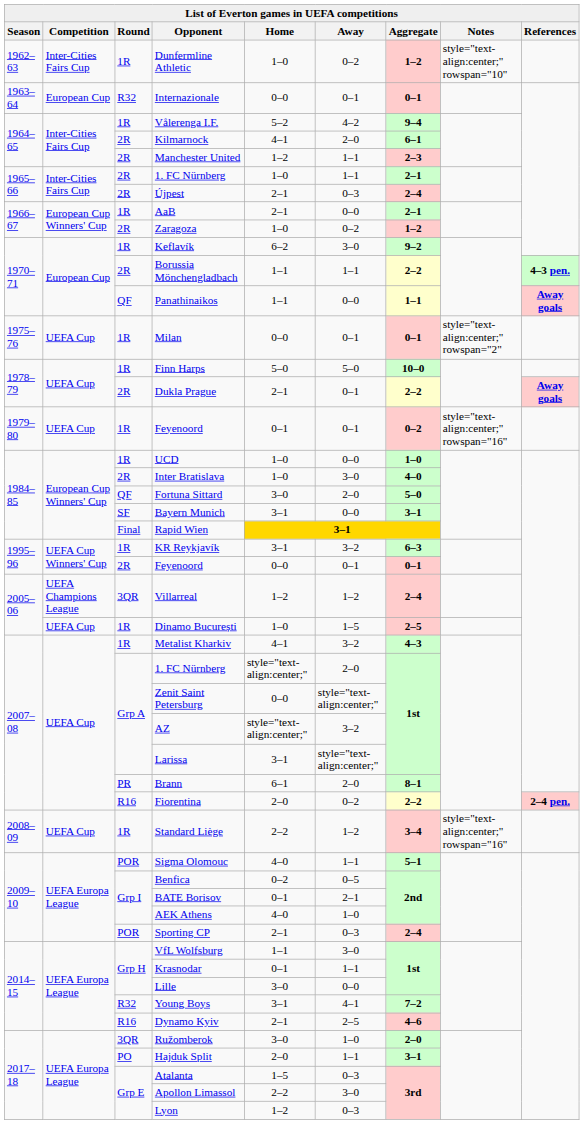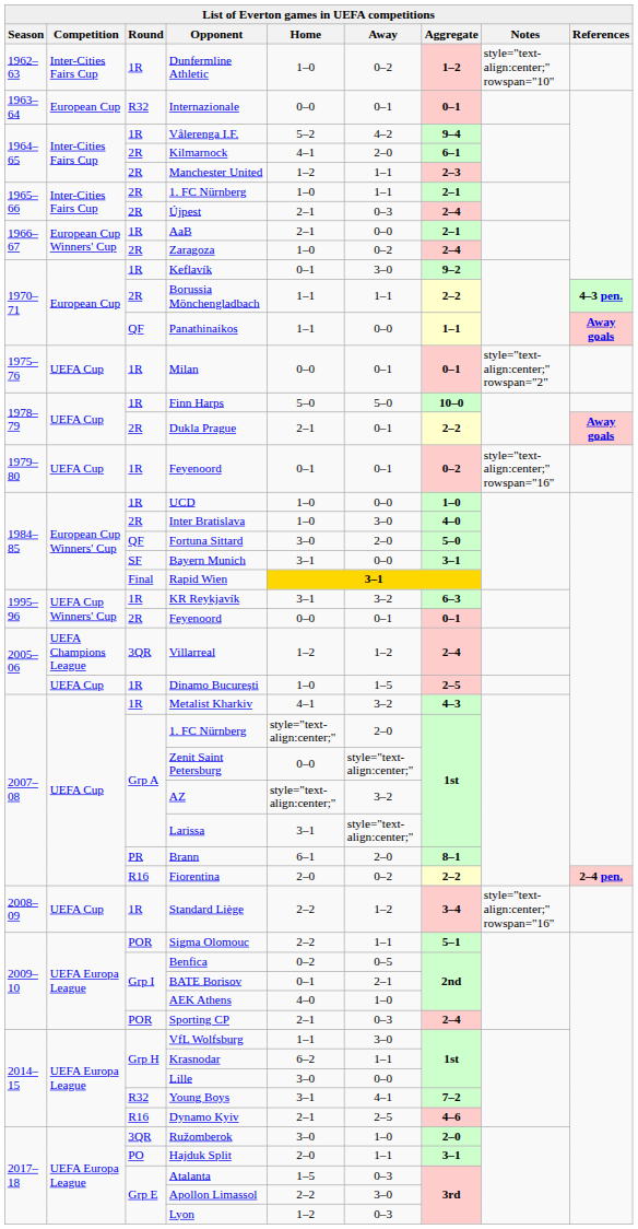 <table class="sortable plainrowheaders wikitable" width="65%" style="text-align: left;">
 <tr>
 <th style="background:#EFEFEF;" colspan=17>List of Everton games in UEFA competitions</th>
 </tr>
 <tr>
 <th>Season</th>
 <th>Competition</th>
 <th>Round</th>
 <th>Opponent</th>
 <th>Home</th>
 <th>Away</th>
 <th>Aggregate</th>
 <th class="unsortable">Notes</th>
 <th class="unsortable">References</th>
 </tr>
 <tr>
 <td><a href='#'>1962–63</a></td>
 <td><a href='#'>Inter-Cities Fairs Cup</a></td>
 <td><a href='#'>1R</a></td>
 <td> <a href='#'>Dunfermline Athletic</a></td>
 <td style="text-align:center;">1–0</td>
 <td style="text-align:center;">0–2</td>
 <td style="text-align:center; background:#ffcccc;"><strong>1–2</strong></td>
 <td>style="text-align:center;" rowspan="10" </td>
 <td style="text-align:center;"></td>
 </tr>
 <tr>
 <td><a href='#'>1963–64</a></td>
 <td><a href='#'>European Cup</a></td>
 <td><a href='#'>R32</a></td>
 <td> <a href='#'>Internazionale</a></td>
 <td style="text-align:center;">0–0</td>
 <td style="text-align:center;">0–1</td>
 <td style="text-align:center; background:#ffcccc;"><strong>0–1</strong></td>
 <td style="text-align:center;"></td>
 </tr>
 <tr>
 <td rowspan="3"><a href='#'>1964–65</a></td>
 <td rowspan="3"><a href='#'>Inter-Cities Fairs Cup</a></td>
 <td><a href='#'>1R</a></td>
 <td> <a href='#'>Vålerenga I.F.</a></td>
 <td style="text-align:center;">5–2</td>
 <td style="text-align:center;">4–2</td>
 <td style="text-align:center;background:#ccffcc;"><strong>9–4</strong></td>
 <td rowspan="3" style="text-align:center;"></td>
 </tr>
 <tr>
 <td><a href='#'>2R</a></td>
 <td> <a href='#'>Kilmarnock</a></td>
 <td style="text-align:center;">4–1</td>
 <td style="text-align:center;">2–0</td>
 <td style="text-align:center;background:#ccffcc;"><strong>6–1</strong></td>
 </tr>
 <tr>
 <td><a href='#'>2R</a></td>
 <td> <a href='#'>Manchester United</a></td>
 <td style="text-align:center;">1–2</td>
 <td style="text-align:center;">1–1</td>
 <td style="text-align:center; background:#ffcccc;"><strong>2–3</strong></td>
 </tr>
 <tr>
 <td rowspan="2"><a href='#'>1965–66</a></td>
 <td rowspan="2"><a href='#'>Inter-Cities Fairs Cup</a></td>
 <td><a href='#'>2R</a></td>
 <td> <a href='#'>1. FC Nürnberg</a></td>
 <td style="text-align:center;">1–0</td>
 <td style="text-align:center;">1–1</td>
 <td style="text-align:center;background:#ccffcc;"><strong>2–1</strong></td>
 <td rowspan="2" style="text-align:center;"></td>
 </tr>
 <tr>
 <td><a href='#'>2R</a></td>
 <td> <a href='#'>Újpest</a></td>
 <td style="text-align:center;">2–1</td>
 <td style="text-align:center;">0–3</td>
 <td style="text-align:center; background:#ffcccc;"><strong>2–4</strong></td>
 </tr>
 <tr>
 <td rowspan="2"><a href='#'>1966–67</a></td>
 <td rowspan="2"><a href='#'>European Cup Winners' Cup</a></td>
 <td><a href='#'>1R</a></td>
 <td> <a href='#'>AaB</a></td>
 <td style="text-align:center;">2–1</td>
 <td style="text-align:center;">0–0</td>
 <td style="text-align:center;background:#ccffcc;"><strong>2–1</strong></td>
 <td rowspan="2" style="text-align:center;"></td>
 </tr>
 <tr>
 <td><a href='#'>2R</a></td>
 <td> <a href='#'>Zaragoza</a></td>
 <td style="text-align:center;">1–0</td>
 <td style="text-align:center;">0–2</td>
-<td style="text-align:center; background:#ffcccc;"><strong>1–2</strong></td>
+<td style="text-align:center; background:#ffcccc;"><strong>2–4</strong></td>
 </tr>
 <tr>
 <td rowspan="3"><a href='#'>1970–71</a></td>
 <td rowspan="3"><a href='#'>European Cup</a></td>
 <td><a href='#'>1R</a></td>
 <td> <a href='#'>Keflavík</a></td>
-<td style="text-align:center;">6–2</td>
+<td style="text-align:center;">0–1</td>
 <td style="text-align:center;">3–0</td>
 <td style="text-align:center;background:#ccffcc;"><strong>9–2</strong></td>
 <td rowspan="3" style="text-align:center;"></td>
 </tr>
 <tr>
 <td><a href='#'>2R</a></td>
 <td> <a href='#'>Borussia Mönchengladbach</a></td>
 <td style="text-align:center;">1–1</td>
 <td style="text-align:center;">1–1</td>
 <td style="text-align:center;background:#ffffcc;"><strong>2–2</strong></td>
 <td style="text-align:center;background:#ccffcc;"><strong>4–3 <a href='#'>pen.</a></strong></td>
 </tr>
 <tr>
 <td><a href='#'>QF</a></td>
 <td> <a href='#'>Panathinaikos</a></td>
 <td style="text-align:center;">1–1</td>
 <td style="text-align:center;">0–0</td>
 <td style="text-align:center;background:#ffffcc;"><strong>1–1</strong></td>
 <td style="text-align:center; background:#ffcccc;"><strong><a href='#'>Away goals</a></strong></td>
 </tr>
 <tr>
 <td><a href='#'>1975–76</a></td>
 <td><a href='#'>UEFA Cup</a></td>
 <td><a href='#'>1R</a></td>
 <td> <a href='#'>Milan</a></td>
 <td style="text-align:center;">0–0</td>
 <td style="text-align:center;">0–1</td>
 <td style="text-align:center; background:#ffcccc;"><strong>0–1</strong></td>
 <td>style="text-align:center;" rowspan="2" </td>
 <td style="text-align:center;"></td>
 </tr>
 <tr>
 <td rowspan="2"><a href='#'>1978–79</a></td>
 <td rowspan="2"><a href='#'>UEFA Cup</a></td>
 <td><a href='#'>1R</a></td>
 <td> <a href='#'>Finn Harps</a></td>
 <td style="text-align:center;">5–0</td>
 <td style="text-align:center;">5–0</td>
 <td style="text-align:center;background:#ccffcc;"><strong>10–0</strong></td>
 <td rowspan="2" style="text-align:center;"></td>
 </tr>
 <tr>
 <td><a href='#'>2R</a></td>
 <td> <a href='#'>Dukla Prague</a></td>
 <td style="text-align:center;">2–1</td>
 <td style="text-align:center;">0–1</td>
 <td style="text-align:center;background:#ffffcc;"><strong>2–2</strong></td>
 <td style="text-align:center; background:#ffcccc;"><strong><a href='#'>Away goals</a></strong></td>
 </tr>
 <tr>
 <td><a href='#'>1979–80</a></td>
 <td><a href='#'>UEFA Cup</a></td>
 <td><a href='#'>1R</a></td>
 <td> <a href='#'>Feyenoord</a></td>
 <td style="text-align:center;">0–1</td>
 <td style="text-align:center;">0–1</td>
 <td style="text-align:center; background:#ffcccc;"><strong>0–2</strong></td>
 <td>style="text-align:center;" rowspan="16" </td>
 <td style="text-align:center;"></td>
 </tr>
 <tr>
 <td rowspan="5"><a href='#'>1984–85</a></td>
 <td rowspan="5"><a href='#'>European Cup Winners' Cup</a></td>
 <td><a href='#'>1R</a></td>
 <td> <a href='#'>UCD</a></td>
 <td style="text-align:center;">1–0</td>
 <td style="text-align:center;">0–0</td>
 <td style="text-align:center;background:#ccffcc;"><strong>1–0</strong></td>
 <td rowspan="5" style="text-align:center;"></td>
 </tr>
 <tr>
 <td><a href='#'>2R</a></td>
 <td> <a href='#'>Inter Bratislava</a></td>
 <td style="text-align:center;">1–0</td>
 <td style="text-align:center;">3–0</td>
 <td style="text-align:center;background:#ccffcc;"><strong>4–0</strong></td>
 </tr>
 <tr>
 <td><a href='#'>QF</a></td>
 <td> <a href='#'>Fortuna Sittard</a></td>
 <td style="text-align:center;">3–0</td>
 <td style="text-align:center;">2–0</td>
 <td style="text-align:center;background:#ccffcc;"><strong>5–0</strong></td>
 </tr>
 <tr>
 <td><a href='#'>SF</a></td>
 <td> <a href='#'>Bayern Munich</a></td>
 <td style="text-align:center;">3–1</td>
 <td style="text-align:center;">0–0</td>
 <td style="text-align:center;background:#ccffcc;"><strong>3–1</strong></td>
 </tr>
 <tr>
 <td><a href='#'>Final</a></td>
 <td> <a href='#'>Rapid Wien</a></td>
 <td style="text-align:center;background:gold;" colspan=3><strong>3–1</strong></td>
 </tr>
 <tr>
 <td rowspan="2"><a href='#'>1995–96</a></td>
 <td rowspan="2"><a href='#'>UEFA Cup Winners' Cup</a></td>
 <td><a href='#'>1R</a></td>
 <td> <a href='#'>KR Reykjavík</a></td>
 <td style="text-align:center;">3–1</td>
 <td style="text-align:center;">3–2</td>
 <td style="text-align:center;background:#ccffcc;"><strong>6–3</strong></td>
 <td rowspan="2" style="text-align:center;"></td>
 </tr>
 <tr>
 <td><a href='#'>2R</a></td>
 <td> <a href='#'>Feyenoord</a></td>
 <td style="text-align:center;">0–0</td>
 <td style="text-align:center;">0–1</td>
 <td style="text-align:center; background:#ffcccc;"><strong>0–1</strong></td>
 </tr>
 <tr>
 <td rowspan="2"><a href='#'>2005–06</a></td>
 <td><a href='#'>UEFA Champions League</a></td>
 <td><a href='#'>3QR</a></td>
 <td> <a href='#'>Villarreal</a></td>
 <td style="text-align:center;">1–2</td>
 <td style="text-align:center;">1–2</td>
 <td style="text-align:center; background:#ffcccc;"><strong>2–4</strong></td>
 <td style="text-align:center;"></td>
 </tr>
 <tr>
 <td><a href='#'>UEFA Cup</a></td>
 <td><a href='#'>1R</a></td>
 <td> <a href='#'>Dinamo București</a></td>
 <td style="text-align:center;">1–0</td>
 <td style="text-align:center;">1–5</td>
 <td style="text-align:center; background:#ffcccc;"><strong>2–5</strong></td>
 <td style="text-align:center;"></td>
 </tr>
 <tr>
 <td rowspan="7"><a href='#'>2007–08</a></td>
 <td rowspan="7"><a href='#'>UEFA Cup</a></td>
 <td><a href='#'>1R</a></td>
 <td> <a href='#'>Metalist Kharkiv</a></td>
 <td style="text-align:center;">4–1</td>
 <td style="text-align:center;">3–2</td>
 <td style="text-align:center;background:#ccffcc;"><strong>4–3</strong></td>
 <td rowspan="7" style="text-align:center;"></td>
 </tr>
 <tr>
 <td rowspan="4"><a href='#'>Grp A</a></td>
 <td> <a href='#'>1. FC Nürnberg</a></td>
 <td>style="text-align:center;" </td>
 <td style="text-align:center;">2–0</td>
 <td style="text-align:center;background:#ccffcc;" rowspan="4"><strong>1st</strong></td>
 </tr>
 <tr>
 <td> <a href='#'>Zenit Saint Petersburg</a></td>
 <td style="text-align:center;">0–0</td>
 <td>style="text-align:center;" </td>
 </tr>
 <tr>
 <td> <a href='#'>AZ</a></td>
 <td>style="text-align:center;" </td>
 <td style="text-align:center;">3–2</td>
 </tr>
 <tr>
 <td> <a href='#'>Larissa</a></td>
 <td style="text-align:center;">3–1</td>
 <td>style="text-align:center;" </td>
 </tr>
 <tr>
 <td><a href='#'>PR</a></td>
 <td> <a href='#'>Brann</a></td>
 <td style="text-align:center;">6–1</td>
 <td style="text-align:center;">2–0</td>
 <td style="text-align:center;background:#ccffcc;"><strong>8–1</strong></td>
 </tr>
 <tr>
 <td><a href='#'>R16</a></td>
 <td> <a href='#'>Fiorentina</a></td>
 <td style="text-align:center;">2–0</td>
 <td style="text-align:center;">0–2</td>
 <td style="text-align:center;background:#ffffcc;"><strong>2–2</strong></td>
 <td style="text-align:center; background:#ffcccc;"><strong>2–4 <a href='#'>pen.</a></strong></td>
 </tr>
 <tr>
 <td><a href='#'>2008–09</a></td>
 <td><a href='#'>UEFA Cup</a></td>
 <td><a href='#'>1R</a></td>
 <td> <a href='#'>Standard Liège</a></td>
 <td style="text-align:center;">2–2</td>
 <td style="text-align:center;">1–2</td>
 <td style="text-align:center; background:#ffcccc;"><strong>3–4</strong></td>
 <td>style="text-align:center;" rowspan="16" </td>
 <td style="text-align:center;"></td>
 </tr>
 <tr>
 <td rowspan="5"><a href='#'>2009–10</a></td>
 <td rowspan="5"><a href='#'>UEFA Europa League</a></td>
 <td><a href='#'>POR</a></td>
 <td> <a href='#'>Sigma Olomouc</a></td>
-<td style="text-align:center;">4–0</td>
+<td style="text-align:center;">2–2</td>
 <td style="text-align:center;">1–1</td>
 <td style="text-align:center;background:#ccffcc;"><strong>5–1</strong></td>
 <td rowspan="5" style="text-align:center;"></td>
 </tr>
 <tr>
 <td rowspan="3"><a href='#'>Grp I</a></td>
 <td> <a href='#'>Benfica</a></td>
 <td style="text-align:center;">0–2</td>
 <td style="text-align:center;">0–5</td>
 <td style="text-align:center;background:#ccffcc;" rowspan="3"><strong>2nd</strong></td>
 </tr>
 <tr>
 <td> <a href='#'>BATE Borisov</a></td>
 <td style="text-align:center;">0–1</td>
 <td style="text-align:center;">2–1</td>
 </tr>
 <tr>
 <td> <a href='#'>AEK Athens</a></td>
 <td style="text-align:center;">4–0</td>
 <td style="text-align:center;">1–0</td>
 </tr>
 <tr>
 <td><a href='#'>POR</a></td>
 <td> <a href='#'>Sporting CP</a></td>
 <td style="text-align:center;">2–1</td>
 <td style="text-align:center;">0–3</td>
 <td style="text-align:center; background:#ffcccc;"><strong>2–4</strong></td>
 </tr>
 <tr>
 <td rowspan="5"><a href='#'>2014–15</a></td>
 <td rowspan="5"><a href='#'>UEFA Europa League</a></td>
 <td rowspan="3"><a href='#'>Grp H</a></td>
 <td> <a href='#'>VfL Wolfsburg</a></td>
 <td style="text-align:center;">1–1</td>
 <td style="text-align:center;">3–0</td>
 <td style="text-align:center;background:#ccffcc;" rowspan="3"><strong>1st</strong></td>
 <td rowspan="5" style="text-align:center;"></td>
 </tr>
 <tr>
 <td> <a href='#'>Krasnodar</a></td>
-<td style="text-align:center;">0–1</td>
+<td style="text-align:center;">6–2</td>
 <td style="text-align:center;">1–1</td>
 </tr>
 <tr>
 <td> <a href='#'>Lille</a></td>
 <td style="text-align:center;">3–0</td>
 <td style="text-align:center;">0–0</td>
 </tr>
 <tr>
 <td><a href='#'>R32</a></td>
 <td> <a href='#'>Young Boys</a></td>
 <td style="text-align:center;">3–1</td>
 <td style="text-align:center;">4–1</td>
 <td style="text-align:center;background:#ccffcc;"><strong>7–2</strong></td>
 </tr>
 <tr>
 <td><a href='#'>R16</a></td>
 <td> <a href='#'>Dynamo Kyiv</a></td>
 <td style="text-align:center;">2–1</td>
 <td style="text-align:center;">2–5</td>
 <td style="text-align:center; background:#ffcccc;"><strong>4–6</strong></td>
 </tr>
 <tr>
 <td rowspan="5"><a href='#'>2017–18</a></td>
 <td rowspan="5"><a href='#'>UEFA Europa League</a></td>
 <td><a href='#'>3QR</a></td>
 <td> <a href='#'>Ružomberok</a></td>
 <td style="text-align:center;">3–0</td>
 <td style="text-align:center;">1–0</td>
 <td style="text-align:center;background:#ccffcc;"><strong>2–0</strong></td>
 <td rowspan="5" style="text-align:center;"></td>
 </tr>
 <tr>
 <td><a href='#'>PO</a></td>
 <td> <a href='#'>Hajduk Split</a></td>
 <td style="text-align:center;">2–0</td>
 <td style="text-align:center;">1–1</td>
 <td style="text-align:center;background:#ccffcc;"><strong>3–1</strong></td>
 </tr>
 <tr>
 <td rowspan="3"><a href='#'>Grp E</a></td>
 <td> <a href='#'>Atalanta</a></td>
 <td style="text-align:center;">1–5</td>
 <td style="text-align:center;">0–3</td>
 <td style="text-align:center; background:#ffcccc;" rowspan="3"><strong>3rd</strong></td>
 </tr>
 <tr>
 <td> <a href='#'>Apollon Limassol</a></td>
 <td style="text-align:center;">2–2</td>
 <td style="text-align:center;">3–0</td>
 </tr>
 <tr>
 <td> <a href='#'>Lyon</a></td>
 <td style="text-align:center;">1–2</td>
 <td style="text-align:center;">0–3</td>
 </tr>
 </table>
